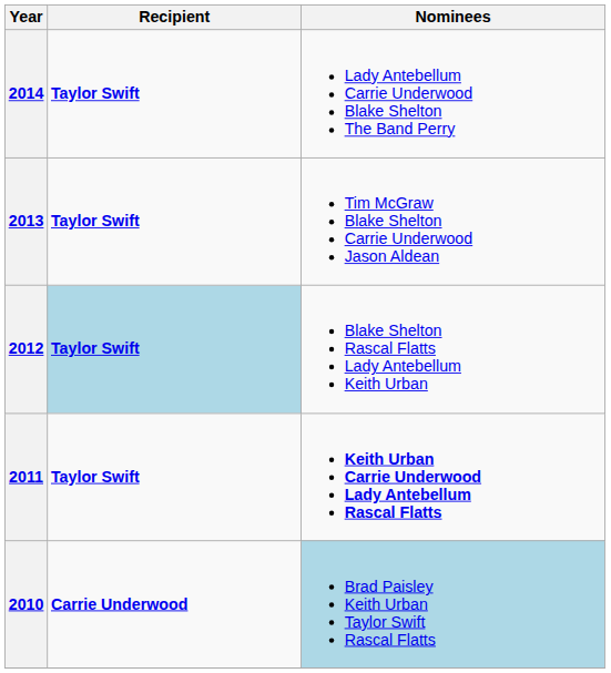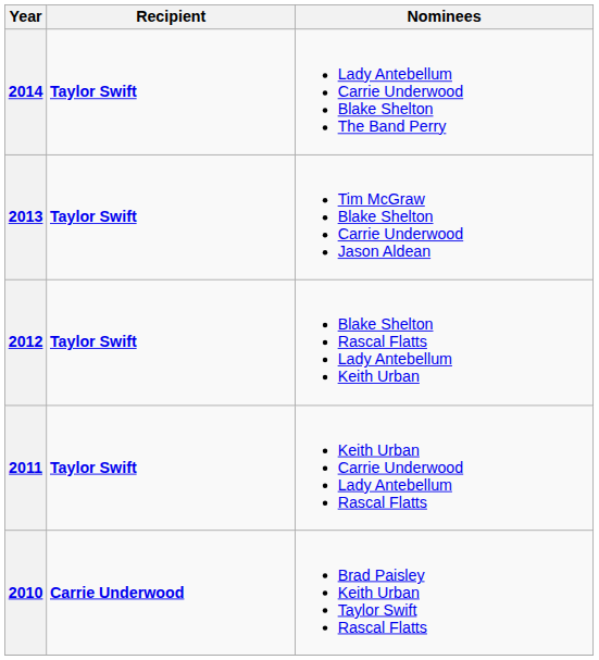 <table class="wikitable sortable">
 <tr>
 <th bgcolor="#efefef">Year</th>
 <th bgcolor="#efefef" width=250px>Recipient</th>
 <th bgcolor="#efefef" width=300px class=unsortable>Nominees</th>
 </tr>
 <tr>
 <th scope="row"><a href='#'>2014</a></th>
 <td> <strong><a href='#'>Taylor Swift</a></strong></td>
 <td><br><ul><li><a href='#'>Lady Antebellum</a></li><li><a href='#'>Carrie Underwood</a></li><li><a href='#'>Blake Shelton</a></li><li><a href='#'>The Band Perry</a></li></ul></td>
 </tr>
 <tr>
 <th scope="row"><a href='#'>2013</a></th>
 <td> <strong><a href='#'>Taylor Swift</a></strong></td>
 <td><br><ul><li><a href='#'>Tim McGraw</a></li><li><a href='#'>Blake Shelton</a></li><li><a href='#'>Carrie Underwood</a></li><li><a href='#'>Jason Aldean</a></li></ul></td>
 </tr>
 <tr>
 <th scope="row"><a href='#'>2012</a></th>
-<td style="background: lightblue;"> <strong><a href='#'>Taylor Swift</a></strong></td>
+<td> <strong><a href='#'>Taylor Swift</a></strong></td>
 <td><br><ul><li><a href='#'>Blake Shelton</a></li><li><a href='#'>Rascal Flatts</a></li><li><a href='#'>Lady Antebellum</a></li><li><a href='#'>Keith Urban</a></li></ul></td>
 </tr>
 <tr>
 <th scope="row"><a href='#'>2011</a></th>
 <td> <strong><a href='#'>Taylor Swift</a></strong></td>
-<td><strong><br><ul><li><a href='#'>Keith Urban</a></li><li><a href='#'>Carrie Underwood</a></li><li><a href='#'>Lady Antebellum</a></li><li><a href='#'>Rascal Flatts</a></li></ul></strong></td>
+<td><br><ul><li><a href='#'>Keith Urban</a></li><li><a href='#'>Carrie Underwood</a></li><li><a href='#'>Lady Antebellum</a></li><li><a href='#'>Rascal Flatts</a></li></ul></td>
 </tr>
 <tr>
 <th scope="row"><a href='#'>2010</a></th>
 <td> <strong><a href='#'>Carrie Underwood</a></strong></td>
-<td style="background: lightblue;"><br><ul><li><a href='#'>Brad Paisley</a></li><li><a href='#'>Keith Urban</a></li><li><a href='#'>Taylor Swift</a></li><li><a href='#'>Rascal Flatts</a></li></ul></td>
+<td><br><ul><li><a href='#'>Brad Paisley</a></li><li><a href='#'>Keith Urban</a></li><li><a href='#'>Taylor Swift</a></li><li><a href='#'>Rascal Flatts</a></li></ul></td>
 </tr>
 <tr>
 </tr>
 </table>
